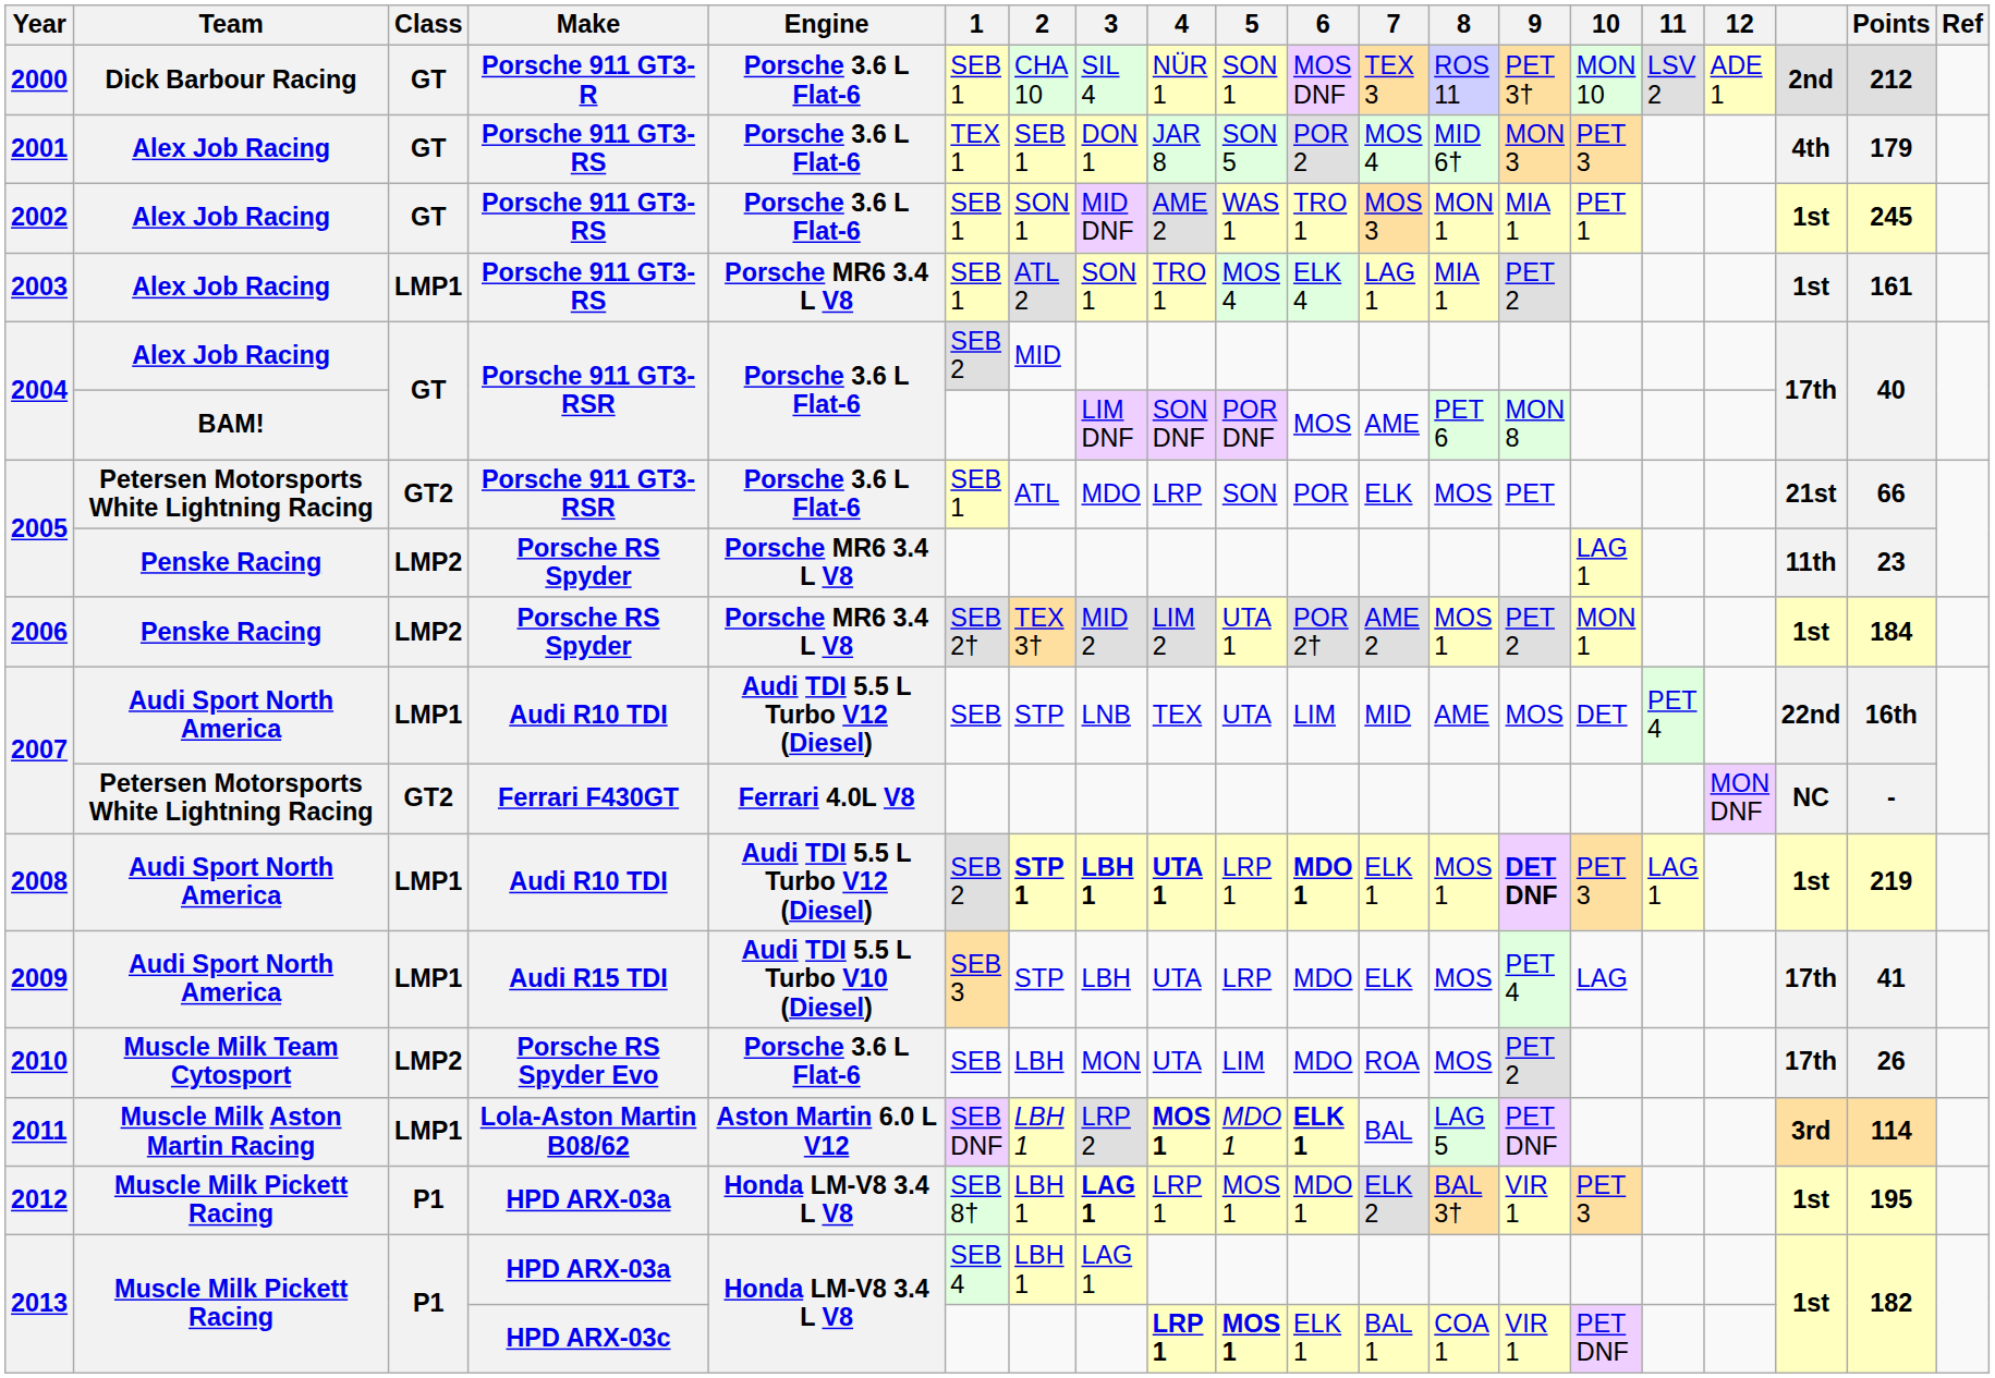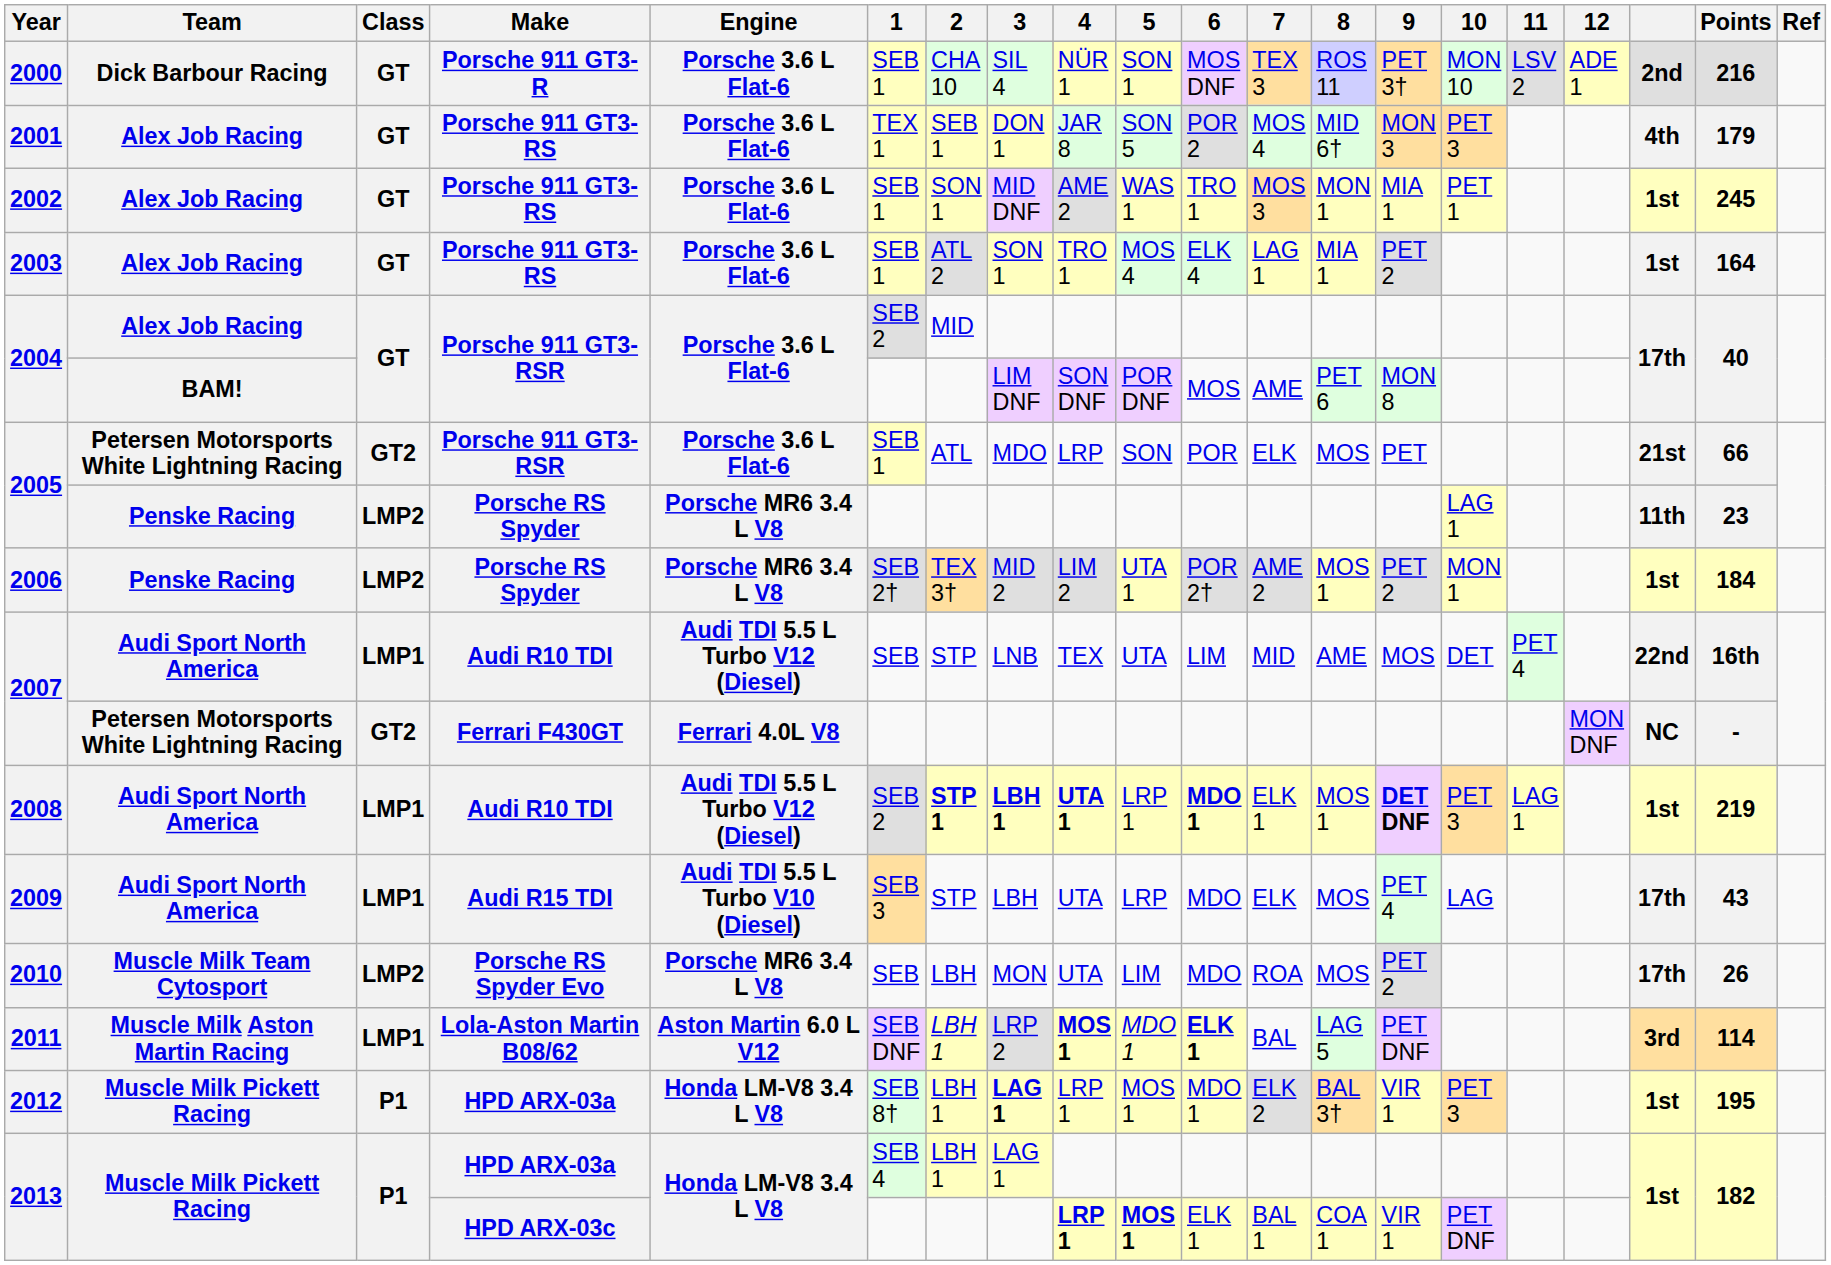 <table class="wikitable">
 <tr>
 <th>Year</th>
 <th>Team</th>
 <th>Class</th>
 <th>Make</th>
 <th>Engine</th>
 <th>1</th>
 <th>2</th>
 <th>3</th>
 <th>4</th>
 <th>5</th>
 <th>6</th>
 <th>7</th>
 <th>8</th>
 <th>9</th>
 <th>10</th>
 <th>11</th>
 <th>12</th>
 <th></th>
 <th>Points</th>
 <th>Ref</th>
 </tr>
 <tr>
 <th><a href='#'>2000</a></th>
 <th>Dick Barbour Racing</th>
 <th>GT</th>
 <th><a href='#'>Porsche 911 GT3-R</a></th>
 <th><a href='#'>Porsche</a> 3.6 L <a href='#'>Flat-6</a></th>
 <td style="background:#FFFFBF;”"><a href='#'>SEB</a><br>1</td>
 <td style="background:#DFFFDF;"><a href='#'>CHA</a><br>10</td>
 <td style="background:#DFFFDF;"><a href='#'>SIL</a><br>4</td>
 <td style="background:#FFFFBF;”"><a href='#'>NÜR</a><br>1</td>
 <td style="background:#FFFFBF;”"><a href='#'>SON</a><br>1</td>
 <td style="background:#EFCFFF;"><a href='#'>MOS</a><br>DNF</td>
 <td style="background:#FFDF9F;”"><a href='#'>TEX</a><br>3</td>
 <td style="background:#CFCFFF;”"><a href='#'>ROS</a><br>11</td>
 <td style="background:#FFDF9F;”"><a href='#'>PET</a><br>3†</td>
 <td style="background:#DFFFDF;"><a href='#'>MON</a><br>10</td>
 <td style="background:#DFDFDF;”"><a href='#'>LSV</a><br>2</td>
 <td style="background:#FFFFBF;”"><a href='#'>ADE</a><br>1</td>
 <th style="background:#DFDFDF;”">2nd</th>
-<th style="background:#DFDFDF;”">212</th>
+<th style="background:#DFDFDF;”">216</th>
 <td></td>
 </tr>
 <tr>
 <th><a href='#'>2001</a></th>
 <th><a href='#'>Alex Job Racing</a></th>
 <th>GT</th>
 <th><a href='#'>Porsche 911 GT3-RS</a></th>
 <th><a href='#'>Porsche</a> 3.6 L <a href='#'>Flat-6</a></th>
 <td style="background:#FFFFBF;”"><a href='#'>TEX</a><br>1</td>
 <td style="background:#FFFFBF;”"><a href='#'>SEB</a><br>1</td>
 <td style="background:#FFFFBF;”"><a href='#'>DON</a><br>1</td>
 <td style="background:#DFFFDF;"><a href='#'>JAR</a><br>8</td>
 <td style="background:#DFFFDF;"><a href='#'>SON</a><br>5</td>
 <td style="background:#DFDFDF;”"><a href='#'>POR</a><br>2</td>
 <td style="background:#DFFFDF;"><a href='#'>MOS</a><br>4</td>
 <td style="background:#DFFFDF;"><a href='#'>MID</a><br>6†</td>
 <td style="background:#FFDF9F;”"><a href='#'>MON</a><br>3</td>
 <td style="background:#FFDF9F;”"><a href='#'>PET</a><br>3</td>
 <td></td>
 <td></td>
 <th>4th</th>
 <th>179</th>
 <td></td>
 </tr>
 <tr>
 <th><a href='#'>2002</a></th>
 <th><a href='#'>Alex Job Racing</a></th>
 <th>GT</th>
 <th><a href='#'>Porsche 911 GT3-RS</a></th>
 <th><a href='#'>Porsche</a> 3.6 L <a href='#'>Flat-6</a></th>
 <td style="background:#FFFFBF;”"><a href='#'>SEB</a><br>1</td>
 <td style="background:#FFFFBF;”"><a href='#'>SON</a><br>1</td>
 <td style="background:#EFCFFF;"><a href='#'>MID</a><br>DNF</td>
 <td style="background:#DFDFDF;”"><a href='#'>AME</a><br>2</td>
 <td style="background:#FFFFBF;”"><a href='#'>WAS</a><br>1</td>
 <td style="background:#FFFFBF;”"><a href='#'>TRO</a><br>1</td>
 <td style="background:#FFDF9F;”"><a href='#'>MOS</a><br>3</td>
 <td style="background:#FFFFBF;”"><a href='#'>MON</a><br>1</td>
 <td style="background:#FFFFBF;”"><a href='#'>MIA</a><br>1</td>
 <td style="background:#FFFFBF;”"><a href='#'>PET</a><br>1</td>
 <td></td>
 <td></td>
 <th style="background:#FFFFBF;”">1st</th>
 <th style="background:#FFFFBF;”">245</th>
 <td></td>
 </tr>
 <tr>
 <th><a href='#'>2003</a></th>
 <th><a href='#'>Alex Job Racing</a></th>
-<th>LMP1</th>
+<th>GT</th>
 <th><a href='#'>Porsche 911 GT3-RS</a></th>
-<th><a href='#'>Porsche</a> MR6 3.4 L <a href='#'>V8</a></th>
+<th><a href='#'>Porsche</a> 3.6 L <a href='#'>Flat-6</a></th>
 <td style="background:#FFFFBF;”"><a href='#'>SEB</a><br>1</td>
 <td style="background:#DFDFDF;”"><a href='#'>ATL</a><br>2</td>
 <td style="background:#FFFFBF;”"><a href='#'>SON</a><br>1</td>
 <td style="background:#FFFFBF;”"><a href='#'>TRO</a><br>1</td>
 <td style="background:#DFFFDF;"><a href='#'>MOS</a><br>4</td>
 <td style="background:#DFFFDF;"><a href='#'>ELK</a><br>4</td>
 <td style="background:#FFFFBF;”"><a href='#'>LAG</a><br>1</td>
 <td style="background:#FFFFBF;”"><a href='#'>MIA</a><br>1</td>
 <td style="background:#DFDFDF;”"><a href='#'>PET</a><br>2</td>
 <td></td>
 <td></td>
 <td></td>
 <th>1st</th>
-<th>161</th>
+<th>164</th>
 <td></td>
 </tr>
 <tr>
 <th rowspan="2"><a href='#'>2004</a></th>
 <th><a href='#'>Alex Job Racing</a></th>
 <th rowspan="2">GT</th>
 <th rowspan="2"><a href='#'>Porsche 911 GT3-RSR</a></th>
 <th rowspan="2"><a href='#'>Porsche</a> 3.6 L <a href='#'>Flat-6</a></th>
 <td style="background:#DFDFDF;”"><a href='#'>SEB</a><br>2</td>
 <td><a href='#'>MID</a></td>
 <td></td>
 <td></td>
 <td></td>
 <td></td>
 <td></td>
 <td></td>
 <td></td>
 <td></td>
 <td></td>
 <td></td>
 <th rowspan="2">17th</th>
 <th rowspan="2">40</th>
 <td rowspan="2"></td>
 </tr>
 <tr>
 <th>BAM!</th>
 <td></td>
 <td></td>
 <td style="background:#EFCFFF;"><a href='#'>LIM</a><br>DNF</td>
 <td style="background:#EFCFFF;"><a href='#'>SON</a><br>DNF</td>
 <td style="background:#EFCFFF;"><a href='#'>POR</a><br>DNF</td>
 <td><a href='#'>MOS</a></td>
 <td><a href='#'>AME</a></td>
 <td style="background:#DFFFDF;"><a href='#'>PET</a><br>6</td>
 <td style="background:#DFFFDF;"><a href='#'>MON</a><br>8</td>
 <td></td>
 <td></td>
 <td></td>
 </tr>
 <tr>
 <th rowspan="2"><a href='#'>2005</a></th>
 <th>Petersen Motorsports<br>White Lightning Racing</th>
 <th>GT2</th>
 <th><a href='#'>Porsche 911 GT3-RSR</a></th>
 <th><a href='#'>Porsche</a> 3.6 L <a href='#'>Flat-6</a></th>
 <td style="background:#FFFFBF;"><a href='#'>SEB</a><br>1</td>
 <td><a href='#'>ATL</a></td>
 <td><a href='#'>MDO</a></td>
 <td><a href='#'>LRP</a></td>
 <td><a href='#'>SON</a></td>
 <td><a href='#'>POR</a></td>
 <td><a href='#'>ELK</a></td>
 <td><a href='#'>MOS</a></td>
 <td><a href='#'>PET</a></td>
 <td></td>
 <td></td>
 <td></td>
 <th>21st</th>
 <th>66</th>
 <td rowspan="2"></td>
 </tr>
 <tr>
 <th><a href='#'>Penske Racing</a></th>
 <th>LMP2</th>
 <th><a href='#'>Porsche RS Spyder</a></th>
 <th><a href='#'>Porsche</a> MR6 3.4 L <a href='#'>V8</a></th>
 <td></td>
 <td></td>
 <td></td>
 <td></td>
 <td></td>
 <td></td>
 <td></td>
 <td></td>
 <td></td>
 <td style="background:#FFFFBF;"><a href='#'>LAG</a><br>1</td>
 <td></td>
 <td></td>
 <th>11th</th>
 <th>23</th>
 </tr>
 <tr>
 <th><a href='#'>2006</a></th>
 <th><a href='#'>Penske Racing</a></th>
 <th>LMP2</th>
 <th><a href='#'>Porsche RS Spyder</a></th>
 <th><a href='#'>Porsche</a> MR6 3.4 L <a href='#'>V8</a></th>
 <td style="background:#DFDFDF;”"><a href='#'>SEB</a><br>2†</td>
 <td style="background:#FFDF9F;”"><a href='#'>TEX</a><br>3†</td>
 <td style="background:#DFDFDF;”"><a href='#'>MID</a><br>2</td>
 <td style="background:#DFDFDF;”"><a href='#'>LIM</a><br>2</td>
 <td style="background:#FFFFBF;”"><a href='#'>UTA</a><br>1</td>
 <td style="background:#DFDFDF;”"><a href='#'>POR</a><br>2†</td>
 <td style="background:#DFDFDF;”"><a href='#'>AME</a><br>2</td>
 <td style="background:#FFFFBF;”"><a href='#'>MOS</a><br>1</td>
 <td style="background:#DFDFDF;”"><a href='#'>PET</a><br>2</td>
 <td style="background:#FFFFBF;”"><a href='#'>MON</a><br>1</td>
 <td></td>
 <td></td>
 <th style="background:#FFFFBF;”">1st</th>
 <th style="background:#FFFFBF;”">184</th>
 <td></td>
 </tr>
 <tr>
 <th rowspan="2"><a href='#'>2007</a></th>
 <th><a href='#'>Audi Sport North America</a></th>
 <th>LMP1</th>
 <th><a href='#'>Audi R10 TDI</a></th>
 <th><a href='#'>Audi</a> <a href='#'>TDI</a> 5.5 L Turbo <a href='#'>V12</a><br>(<a href='#'>Diesel</a>)</th>
 <td><a href='#'>SEB</a></td>
 <td><a href='#'>STP</a></td>
 <td><a href='#'>LNB</a></td>
 <td><a href='#'>TEX</a></td>
 <td><a href='#'>UTA</a></td>
 <td><a href='#'>LIM</a></td>
 <td><a href='#'>MID</a></td>
 <td><a href='#'>AME</a></td>
 <td><a href='#'>MOS</a></td>
 <td><a href='#'>DET</a></td>
 <td style="background:#DFFFDF;"><a href='#'>PET</a><br>4</td>
 <td></td>
 <th>22nd</th>
 <th>16th</th>
 <td rowspan="2"></td>
 </tr>
 <tr>
 <th>Petersen Motorsports<br>White Lightning Racing</th>
 <th>GT2</th>
 <th><a href='#'>Ferrari F430GT</a></th>
 <th><a href='#'>Ferrari</a> 4.0L <a href='#'>V8</a></th>
 <td></td>
 <td></td>
 <td></td>
 <td></td>
 <td></td>
 <td></td>
 <td></td>
 <td></td>
 <td></td>
 <td></td>
 <td></td>
 <td style="background:#EFCFFF;"><a href='#'>MON</a><br>DNF</td>
 <th>NC</th>
 <th>-</th>
 </tr>
 <tr>
 <th><a href='#'>2008</a></th>
 <th><a href='#'>Audi Sport North America</a></th>
 <th>LMP1</th>
 <th><a href='#'>Audi R10 TDI</a></th>
 <th><a href='#'>Audi</a> <a href='#'>TDI</a> 5.5 L Turbo <a href='#'>V12</a><br>(<a href='#'>Diesel</a>)</th>
 <td style="background:#DFDFDF;”"><a href='#'>SEB</a><br>2</td>
 <td style="background:#FFFFBF;”"><strong><a href='#'>STP</a><br>1</strong></td>
 <td style="background:#FFFFBF;”"><strong><a href='#'>LBH</a><br>1</strong></td>
 <td style="background:#FFFFBF;”"><strong><a href='#'>UTA</a><br>1</strong></td>
 <td style="background:#FFFFBF;”"><a href='#'>LRP</a><br>1</td>
 <td style="background:#FFFFBF;”"><strong><a href='#'>MDO</a><br>1</strong></td>
 <td style="background:#FFFFBF;”"><a href='#'>ELK</a><br>1</td>
 <td style="background:#FFFFBF;”"><a href='#'>MOS</a><br>1</td>
 <td style="background:#EFCFFF;"><strong><a href='#'>DET</a><br>DNF</strong></td>
 <td style="background:#FFDF9F;”"><a href='#'>PET</a><br>3</td>
 <td style="background:#FFFFBF;”"><a href='#'>LAG</a><br>1</td>
 <td></td>
 <th style="background:#FFFFBF;”">1st</th>
 <th style="background:#FFFFBF;”">219</th>
 <td></td>
 </tr>
 <tr>
 <th><a href='#'>2009</a></th>
 <th><a href='#'>Audi Sport North America</a></th>
 <th>LMP1</th>
 <th><a href='#'>Audi R15 TDI</a></th>
 <th><a href='#'>Audi</a> <a href='#'>TDI</a> 5.5 L Turbo <a href='#'>V10</a><br>(<a href='#'>Diesel</a>)</th>
 <td style="background:#FFDF9F;”"><a href='#'>SEB</a><br>3</td>
 <td><a href='#'>STP</a></td>
 <td><a href='#'>LBH</a></td>
 <td><a href='#'>UTA</a></td>
 <td><a href='#'>LRP</a></td>
 <td><a href='#'>MDO</a></td>
 <td><a href='#'>ELK</a></td>
 <td><a href='#'>MOS</a></td>
 <td style="background:#DFFFDF;"><a href='#'>PET</a><br>4</td>
 <td><a href='#'>LAG</a></td>
 <td></td>
 <td></td>
 <th>17th</th>
-<th>41</th>
+<th>43</th>
 <td></td>
 </tr>
 <tr>
 <th><a href='#'>2010</a></th>
 <th><a href='#'>Muscle Milk Team Cytosport</a></th>
 <th>LMP2</th>
 <th><a href='#'>Porsche RS Spyder Evo</a></th>
-<th><a href='#'>Porsche</a> 3.6 L <a href='#'>Flat-6</a></th>
+<th><a href='#'>Porsche</a> MR6 3.4 L <a href='#'>V8</a></th>
 <td><a href='#'>SEB</a></td>
 <td><a href='#'>LBH</a></td>
 <td><a href='#'>MON</a></td>
 <td><a href='#'>UTA</a></td>
 <td><a href='#'>LIM</a></td>
 <td><a href='#'>MDO</a></td>
 <td><a href='#'>ROA</a></td>
 <td><a href='#'>MOS</a><br></td>
 <td style="background:#DFDFDF;"><a href='#'>PET</a><br>2</td>
 <td></td>
 <td></td>
 <td></td>
 <th>17th</th>
 <th>26</th>
 <td></td>
 </tr>
 <tr>
 <th><a href='#'>2011</a></th>
 <th><a href='#'>Muscle Milk</a> <a href='#'>Aston Martin Racing</a></th>
 <th>LMP1</th>
 <th><a href='#'>Lola-Aston Martin B08/62</a></th>
 <th><a href='#'>Aston Martin</a> 6.0 L <a href='#'>V12</a></th>
 <td style="background:#EFCFFF;"><a href='#'>SEB</a><br>DNF</td>
 <td style="background:#FFFFBF;"><em><a href='#'>LBH</a><br>1</em></td>
 <td style="background:#DFDFDF;"><a href='#'>LRP</a><br>2</td>
 <td style="background:#FFFFBF;"><strong><a href='#'>MOS</a><br>1</strong></td>
 <td style="background:#FFFFBF;"><em><a href='#'>MDO</a><br>1</em></td>
 <td style="background:#FFFFBF;"><strong><a href='#'>ELK</a><br>1</strong></td>
 <td><a href='#'>BAL</a></td>
 <td style="background:#DFFFDF;"><a href='#'>LAG</a><br>5</td>
 <td style="background:#EFCFFF;"><a href='#'>PET</a><br>DNF</td>
 <td></td>
 <td></td>
 <td></td>
 <th style="background:#FFDF9F;”">3rd</th>
 <th style="background:#FFDF9F;”">114</th>
 <td></td>
 </tr>
 <tr>
 <th><a href='#'>2012</a></th>
 <th><a href='#'>Muscle Milk Pickett Racing</a></th>
 <th>P1</th>
 <th><a href='#'>HPD ARX-03a</a></th>
 <th><a href='#'>Honda</a> LM-V8 3.4 L <a href='#'>V8</a></th>
 <td style="background:#DFFFDF;"><a href='#'>SEB</a><br>8†</td>
 <td style="background:#FFFFBF;”"><a href='#'>LBH</a><br>1</td>
 <td style="background:#FFFFBF;”"><strong><a href='#'>LAG</a><br>1</strong></td>
 <td style="background:#FFFFBF;”"><a href='#'>LRP</a><br>1</td>
 <td style="background:#FFFFBF;”"><a href='#'>MOS</a><br>1</td>
 <td style="background:#FFFFBF;”"><a href='#'>MDO</a><br>1</td>
 <td style="background:#DFDFDF;”"><a href='#'>ELK</a><br>2</td>
 <td style="background:#FFDF9F;”"><a href='#'>BAL</a><br>3†</td>
 <td style="background:#FFFFBF;”"><a href='#'>VIR</a><br>1</td>
 <td style="background:#FFDF9F;”"><a href='#'>PET</a><br>3</td>
 <td></td>
 <td></td>
 <th style="background:#FFFFBF;”">1st</th>
 <th style="background:#FFFFBF;”">195</th>
 <td></td>
 </tr>
 <tr>
 <th rowspan="2"><a href='#'>2013</a></th>
 <th rowspan="2"><a href='#'>Muscle Milk Pickett Racing</a></th>
 <th rowspan="2">P1</th>
 <th><a href='#'>HPD ARX-03a</a></th>
 <th rowspan="2"><a href='#'>Honda</a> LM-V8 3.4 L <a href='#'>V8</a></th>
 <td style="background:#DFFFDF;"><a href='#'>SEB</a><br>4</td>
 <td style="background:#FFFFBF;”"><a href='#'>LBH</a><br>1</td>
 <td style="background:#FFFFBF;”"><a href='#'>LAG</a><br>1</td>
 <td></td>
 <td></td>
 <td></td>
 <td></td>
 <td></td>
 <td></td>
 <td></td>
 <td></td>
 <td></td>
 <th rowspan="2" style="background:#FFFFBF;”">1st</th>
 <th rowspan="2" style="background:#FFFFBF;”">182</th>
 <td rowspan="2"></td>
 </tr>
 <tr>
 <th><a href='#'>HPD ARX-03c</a></th>
 <td></td>
 <td></td>
 <td></td>
 <td style="background:#FFFFBF;”"><strong><a href='#'>LRP</a><br>1</strong></td>
 <td style="background:#FFFFBF;”"><strong><a href='#'>MOS</a><br>1</strong></td>
 <td style="background:#FFFFBF;”"><a href='#'>ELK</a><br>1</td>
 <td style="background:#FFFFBF;”"><a href='#'>BAL</a><br>1</td>
 <td style="background:#FFFFBF;”"><a href='#'>COA</a><br>1</td>
 <td style="background:#FFFFBF;”"><a href='#'>VIR</a><br>1</td>
 <td style="background:#EFCFFF;"><a href='#'>PET</a><br>DNF</td>
 <td></td>
 <td></td>
 </tr>
 </table>
